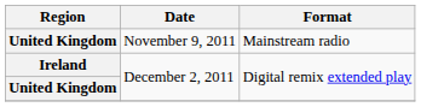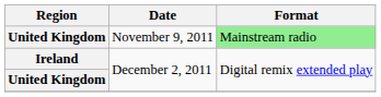 <table class="wikitable plainrowheaders">
 <tr>
 <th scope="col">Region</th>
 <th scope="col">Date</th>
 <th scope="col">Format</th>
 </tr>
 <tr>
 <th scope="row">United Kingdom</th>
 <td>November 9, 2011</td>
-<td>Mainstream radio</td>
+<td style="background: lightgreen;">Mainstream radio</td>
 </tr>
 <tr>
 <th scope="row">Ireland</th>
 <td rowspan="2">December 2, 2011</td>
 <td rowspan="2">Digital remix <a href='#'>extended play</a></td>
 </tr>
 <tr>
 <th scope="row">United Kingdom</th>
 </tr>
 <tr>
 </tr>
 </table>
